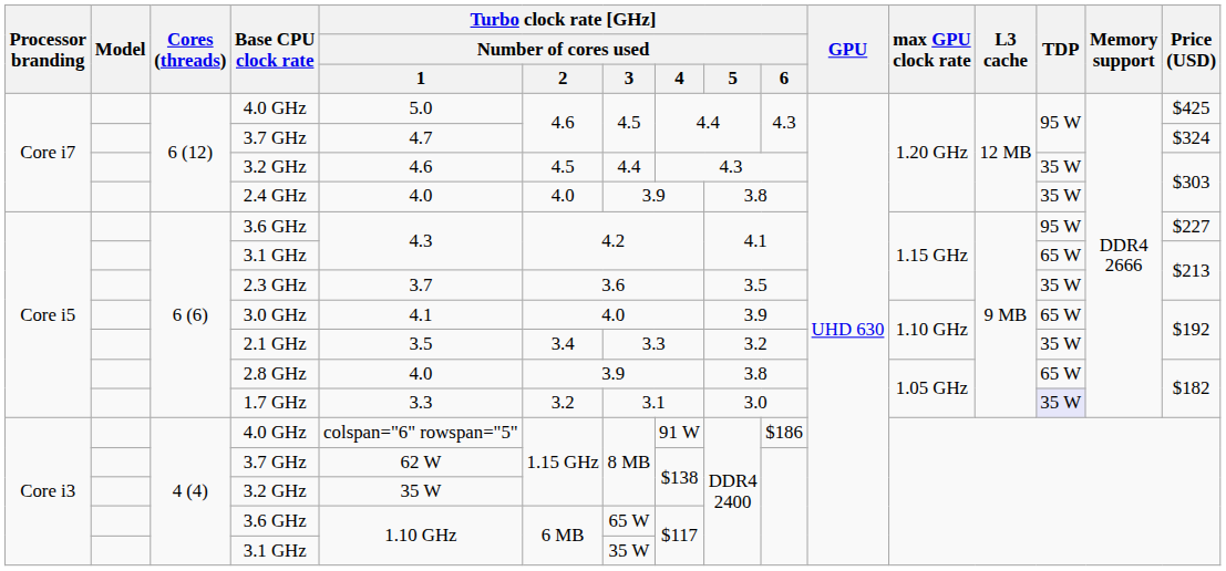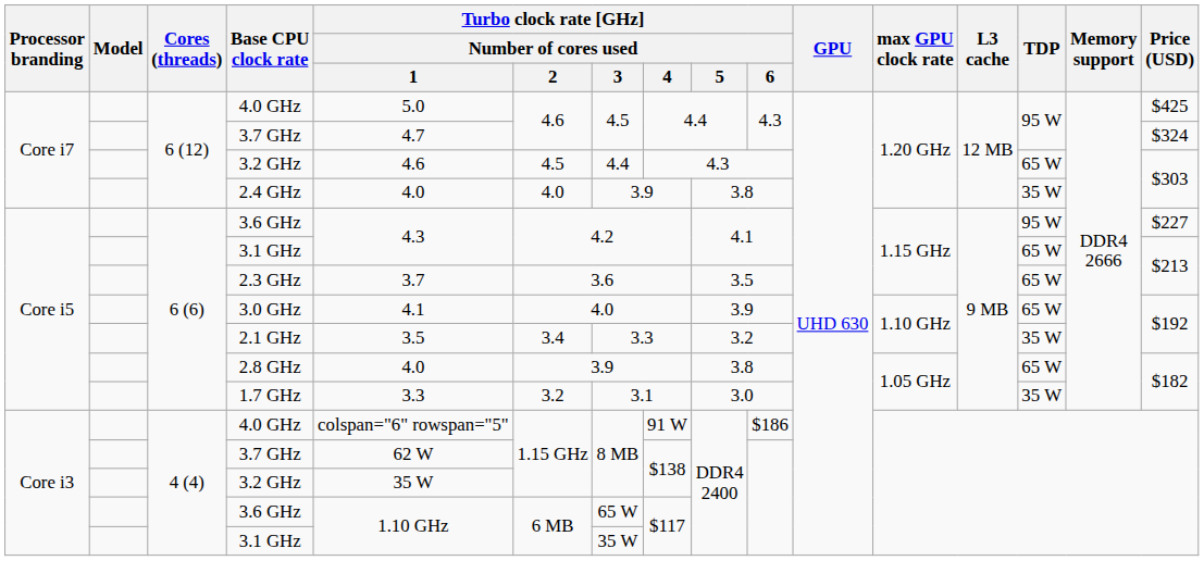 <table class="wikitable" style="text-align: center;">
 <tr>
 <th rowspan="3">Processor<br>branding</th>
 <th rowspan="3">Model</th>
 <th rowspan="3"><a href='#'>Cores</a><br>(<a href='#'>threads</a>)</th>
 <th rowspan="3">Base CPU<br><a href='#'>clock rate</a></th>
 <th colspan="6"><a href='#'>Turbo</a> clock rate [GHz]</th>
 <th rowspan="3"><a href='#'>GPU</a></th>
 <th rowspan="3">max <a href='#'>GPU</a><br>clock rate</th>
 <th rowspan="3">L3<br>cache</th>
 <th rowspan="3">TDP</th>
 <th rowspan="3">Memory<br>support</th>
 <th rowspan="3">Price<br>(USD)</th>
 </tr>
 <tr>
 <th colspan="6">Number of cores used</th>
 </tr>
 <tr>
 <th>1</th>
 <th>2</th>
 <th>3</th>
 <th>4</th>
 <th>5</th>
 <th>6</th>
 </tr>
 <tr>
 <td rowspan="4">Core i7</td>
 <td></td>
 <td rowspan="4">6 (12)</td>
 <td>4.0 GHz</td>
 <td>5.0</td>
 <td rowspan="2">4.6</td>
 <td rowspan="2">4.5</td>
 <td colspan="2" rowspan="2">4.4</td>
 <td rowspan="2">4.3</td>
 <td rowspan="16"><a href='#'>UHD 630</a></td>
 <td rowspan="4">1.20 GHz</td>
 <td rowspan="4">12 MB</td>
 <td rowspan="2">95 W</td>
 <td rowspan="11">DDR4<br>2666</td>
 <td>$425</td>
 </tr>
 <tr>
 <td></td>
 <td>3.7 GHz</td>
 <td>4.7</td>
 <td>$324</td>
 </tr>
 <tr>
 <td></td>
 <td>3.2 GHz</td>
 <td>4.6</td>
 <td>4.5</td>
 <td>4.4</td>
 <td colspan="3">4.3</td>
-<td>35 W</td>
+<td>65 W</td>
 <td rowspan="2">$303</td>
 </tr>
 <tr>
 <td></td>
 <td>2.4 GHz</td>
 <td colspan="1">4.0</td>
 <td>4.0</td>
 <td colspan="2">3.9</td>
 <td colspan="2">3.8</td>
 <td>35 W</td>
 </tr>
 <tr>
 <td rowspan="7">Core i5</td>
 <td></td>
 <td rowspan="7">6 (6)</td>
 <td>3.6 GHz</td>
 <td rowspan="2">4.3</td>
 <td colspan="3" rowspan="2">4.2</td>
 <td colspan="2" rowspan="2">4.1</td>
 <td rowspan="3">1.15 GHz</td>
 <td rowspan="7">9 MB</td>
 <td>95 W</td>
 <td>$227</td>
 </tr>
 <tr>
 <td></td>
 <td>3.1 GHz</td>
 <td>65 W</td>
 <td rowspan="2">$213</td>
 </tr>
 <tr>
 <td></td>
 <td>2.3 GHz</td>
 <td>3.7</td>
 <td colspan="3">3.6</td>
 <td colspan="2">3.5</td>
-<td>35 W</td>
+<td>65 W</td>
 </tr>
 <tr>
 <td></td>
 <td>3.0 GHz</td>
 <td>4.1</td>
 <td colspan="3">4.0</td>
 <td colspan="2">3.9</td>
 <td rowspan="2">1.10 GHz</td>
 <td>65 W</td>
 <td rowspan="2">$192</td>
 </tr>
 <tr>
 <td></td>
 <td>2.1 GHz</td>
 <td>3.5</td>
 <td>3.4</td>
 <td colspan="2">3.3</td>
 <td colspan="2">3.2</td>
 <td>35 W</td>
 </tr>
 <tr>
 <td></td>
 <td>2.8 GHz</td>
 <td>4.0</td>
 <td colspan="3">3.9</td>
 <td colspan="2">3.8</td>
 <td rowspan="2">1.05 GHz</td>
 <td>65 W</td>
 <td rowspan="2">$182</td>
 </tr>
 <tr>
 <td></td>
 <td>1.7 GHz</td>
 <td>3.3</td>
 <td>3.2</td>
 <td colspan="2">3.1</td>
 <td colspan="2">3.0</td>
-<td style="background: lavender;">35 W</td>
+<td>35 W</td>
 </tr>
 <tr>
 <td rowspan="5">Core i3</td>
 <td></td>
 <td rowspan="5">4 (4)</td>
 <td>4.0 GHz</td>
 <td>colspan="6" rowspan="5" </td>
 <td rowspan="3">1.15 GHz</td>
 <td rowspan="3">8 MB</td>
 <td>91 W</td>
 <td rowspan="5">DDR4<br>2400</td>
 <td>$186</td>
 </tr>
 <tr>
 <td></td>
 <td>3.7 GHz</td>
 <td>62 W</td>
 <td rowspan="2">$138</td>
 </tr>
 <tr>
 <td></td>
 <td>3.2 GHz</td>
 <td>35 W</td>
 </tr>
 <tr>
 <td></td>
 <td>3.6 GHz</td>
 <td rowspan="2">1.10 GHz</td>
 <td rowspan="2">6 MB</td>
 <td>65 W</td>
 <td rowspan="2">$117</td>
 </tr>
 <tr>
 <td></td>
 <td>3.1 GHz</td>
 <td>35 W</td>
 </tr>
 </table>
